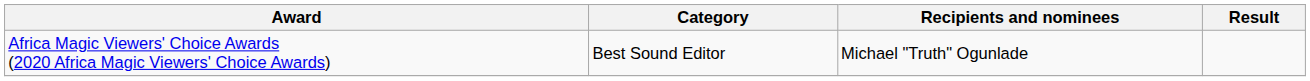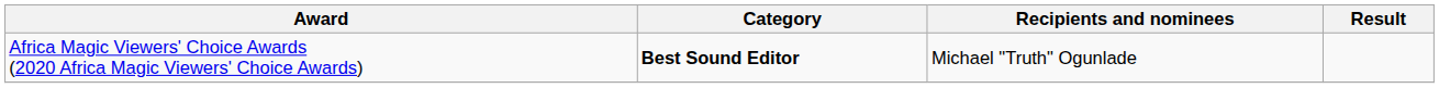 <table class="wikitable sortable" style="width:100%">
 <tr>
 <th>Award</th>
 <th>Category</th>
 <th>Recipients and nominees</th>
 <th>Result</th>
 </tr>
 <tr>
 <td rowspan=1><a href='#'>Africa Magic Viewers' Choice Awards</a>  <br> (<a href='#'>2020 Africa Magic Viewers' Choice Awards</a>)</td>
-<td>Best Sound Editor</td>
+<td><strong>Best Sound Editor</strong></td>
 <td>Michael "Truth" Ogunlade</td>
 <td></td>
 </tr>
 <tr>
 </tr>
 </table>
